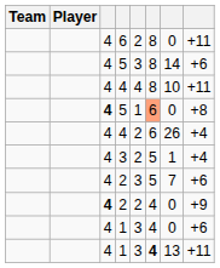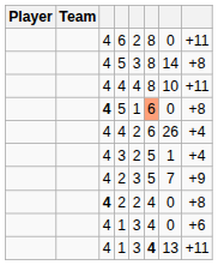 <table class="wikitable sortable" style="font-size: 95%;text-align: center;">
 <tr>
+<th>Player</th>
 <th>Team</th>
-<th>Player</th>
 <th></th>
 <th></th>
 <th></th>
 <th></th>
 <th></th>
 <th></th>
 </tr>
 <tr align=center>
 <td align=left></td>
 <td align=left></td>
 <td>4</td>
 <td>6</td>
 <td>2</td>
 <td>8</td>
 <td>0</td>
 <td>+11</td>
 </tr>
 <tr align=center>
 <td align=left></td>
 <td align=left></td>
 <td>4</td>
 <td>5</td>
 <td>3</td>
 <td>8</td>
 <td>14</td>
-<td>+6</td>
+<td>+8</td>
 </tr>
 <tr align=center>
 <td align=left></td>
 <td align=left></td>
 <td>4</td>
 <td>4</td>
 <td>4</td>
 <td>8</td>
 <td>10</td>
 <td>+11</td>
 </tr>
 <tr align=center>
 <td align=left></td>
 <td align=left></td>
 <td><strong>4</strong></td>
 <td>5</td>
 <td>1</td>
 <td style="background: lightsalmon;">6</td>
 <td>0</td>
 <td>+8</td>
 </tr>
 <tr align=center>
 <td align=left></td>
 <td align=left></td>
 <td>4</td>
 <td>4</td>
 <td>2</td>
 <td>6</td>
 <td>26</td>
 <td>+4</td>
 </tr>
 <tr align=center>
 <td align=left></td>
 <td align=left></td>
 <td>4</td>
 <td>3</td>
 <td>2</td>
 <td>5</td>
 <td>1</td>
 <td>+4</td>
 </tr>
 <tr align=center>
 <td align=left></td>
 <td align=left></td>
 <td>4</td>
 <td>2</td>
 <td>3</td>
 <td>5</td>
 <td>7</td>
-<td>+6</td>
+<td>+9</td>
 </tr>
 <tr align=center>
 <td align=left></td>
 <td align=left></td>
 <td><strong>4</strong></td>
 <td>2</td>
 <td>2</td>
 <td>4</td>
 <td>0</td>
-<td>+9</td>
+<td>+8</td>
 </tr>
 <tr align=center>
 <td align=left></td>
 <td align=left></td>
 <td>4</td>
 <td>1</td>
 <td>3</td>
 <td>4</td>
 <td>0</td>
 <td>+6</td>
 </tr>
 <tr align=center>
 <td align=left></td>
 <td align=left></td>
 <td>4</td>
 <td>1</td>
 <td>3</td>
 <td><strong>4</strong></td>
 <td>13</td>
 <td>+11</td>
 </tr>
 </table>
